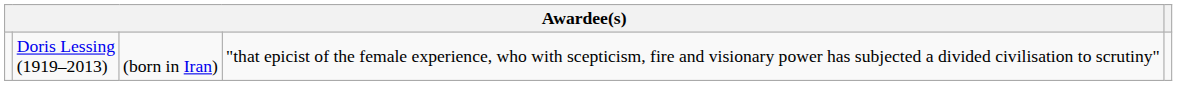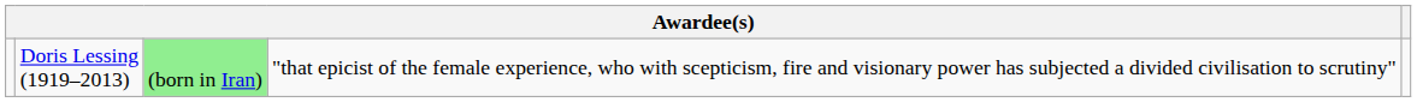 <table class="wikitable">
 <tr>
 <th colspan="4">Awardee(s)</th>
 <th></th>
 </tr>
 <tr>
 <td></td>
 <td><a href='#'>Doris Lessing</a><br>(1919–2013)</td>
-<td><br>(born in <a href='#'>Iran</a>)</td>
+<td style="background: lightgreen;"><br>(born in <a href='#'>Iran</a>)</td>
 <td>"that epicist of the female experience, who with scepticism, fire and visionary power has subjected a divided civilisation to scrutiny"</td>
 <td></td>
 </tr>
 </table>
